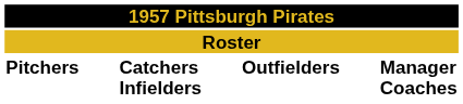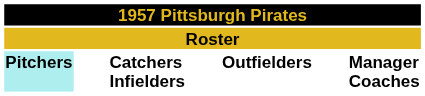 <table class="toccolours" style="font-size: 95%;">
 <tr>
 <th colspan="10" style="background-color: black; color: #e1b81e; text-align: center;">1957 Pittsburgh Pirates</th>
 </tr>
 <tr>
 <td colspan="10" style="background-color: #e1b81e; color: black; text-align: center;"><strong>Roster</strong></td>
 </tr>
 <tr>
-<td valign="top"><strong>Pitchers</strong><br>                  </td>
+<td valign="top" style="background: paleturquoise;"><strong>Pitchers</strong><br>                  </td>
 <td width="25px"></td>
 <td valign="top"><strong>Catchers</strong><br>    <strong>Infielders</strong>         </td>
 <td width="25px"></td>
 <td valign="top"><strong>Outfielders</strong><br>       </td>
 <td width="25px"></td>
 <td valign="top"><strong>Manager</strong><br>  <strong>Coaches</strong>    </td>
 </tr>
 </table>
